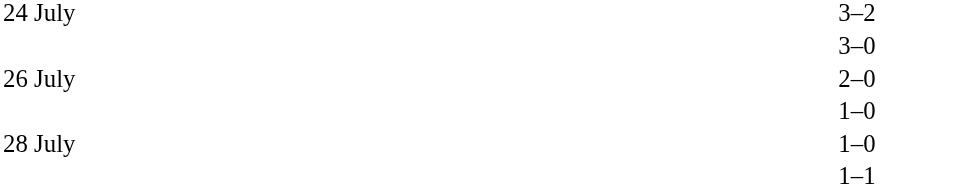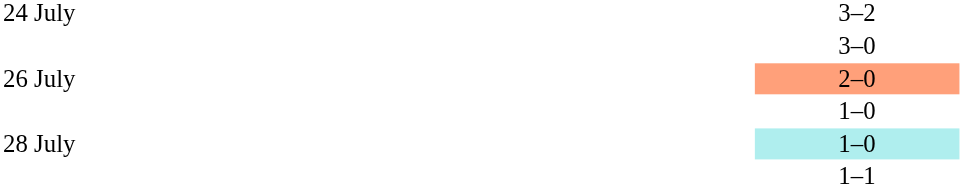 <table cellspacing=1 width=70%>
 <tr>
 <th width=25%></th>
 <th width=30%></th>
 <th width=15%></th>
 <th width=30%></th>
 </tr>
 <tr>
 <td>24 July</td>
 <td align=right></td>
 <td align=center>3–2</td>
 <td></td>
 </tr>
 <tr>
 <td></td>
 <td align=right></td>
 <td align=center>3–0</td>
 <td></td>
 </tr>
 <tr>
 <td>26 July</td>
 <td align=right></td>
-<td align=center>2–0</td>
+<td align=center style="background: lightsalmon;">2–0</td>
 <td></td>
 </tr>
 <tr>
 <td></td>
 <td align=right></td>
 <td align=center>1–0</td>
 <td></td>
 </tr>
 <tr>
 <td>28 July</td>
 <td align=right></td>
-<td align=center>1–0</td>
+<td align=center style="background: paleturquoise;">1–0</td>
 <td></td>
 </tr>
 <tr>
 <td></td>
 <td align=right></td>
 <td align=center>1–1</td>
 <td></td>
 </tr>
 </table>
